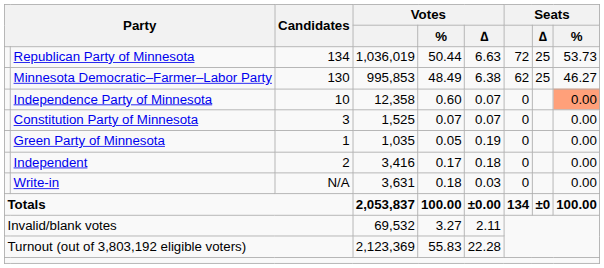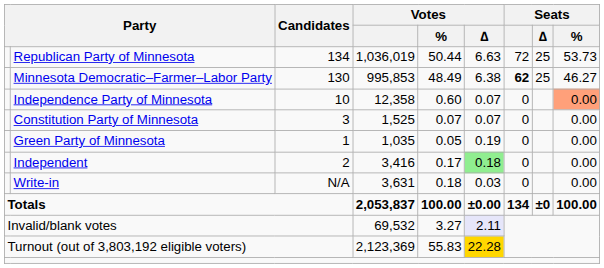 <table class="wikitable">
 <tr>
 <th rowspan="2" colspan="2">Party</th>
 <th rowspan="2">Candidates</th>
 <th colspan="3">Votes</th>
 <th colspan="3">Seats</th>
 </tr>
 <tr>
 <th></th>
 <th>%</th>
 <th>∆</th>
 <th></th>
 <th>∆</th>
 <th>%</th>
 </tr>
 <tr>
 <td style="background-color:"></td>
 <td><a href='#'>Republican Party of Minnesota</a></td>
 <td align="right">134</td>
 <td align="right">1,036,019</td>
 <td align="right">50.44</td>
 <td align="right">6.63</td>
 <td align="right">72</td>
 <td align="right">25</td>
 <td align="right">53.73</td>
 </tr>
 <tr>
 <td style="background-color:"></td>
 <td><a href='#'>Minnesota Democratic–Farmer–Labor Party</a></td>
 <td align="right">130</td>
 <td align="right">995,853</td>
 <td align="right">48.49</td>
 <td align="right">6.38</td>
-<td align="right">62</td>
+<td align="right"><strong>62</strong></td>
 <td align="right">25</td>
 <td align="right">46.27</td>
 </tr>
 <tr>
 <td style="background-color:"></td>
 <td><a href='#'>Independence Party of Minnesota</a></td>
 <td align="right">10</td>
 <td align="right">12,358</td>
 <td align="right">0.60</td>
 <td align="right">0.07</td>
 <td align="right">0</td>
 <td align="right"></td>
 <td align="right" style="background: lightsalmon;">0.00</td>
 </tr>
 <tr>
 <td style="background-color:"></td>
 <td><a href='#'>Constitution Party of Minnesota</a></td>
 <td align="right">3</td>
 <td align="right">1,525</td>
 <td align="right">0.07</td>
 <td align="right">0.07</td>
 <td align="right">0</td>
 <td align="right"></td>
 <td align="right">0.00</td>
 </tr>
 <tr>
 <td style="background-color:"></td>
 <td><a href='#'>Green Party of Minnesota</a></td>
 <td align="right">1</td>
 <td align="right">1,035</td>
 <td align="right">0.05</td>
 <td align="right">0.19</td>
 <td align="right">0</td>
 <td align="right"></td>
 <td align="right">0.00</td>
 </tr>
 <tr>
 <td style="background-color:"></td>
 <td><a href='#'>Independent</a></td>
 <td align="right">2</td>
 <td align="right">3,416</td>
 <td align="right">0.17</td>
-<td align="right">0.18</td>
+<td align="right" style="background: lightgreen;">0.18</td>
 <td align="right">0</td>
 <td align="right"></td>
 <td align="right">0.00</td>
 </tr>
 <tr>
 <td style="background-color:"></td>
 <td><a href='#'>Write-in</a></td>
 <td align="right">N/A</td>
 <td align="right">3,631</td>
 <td align="right">0.18</td>
 <td align="right">0.03</td>
 <td align="right">0</td>
 <td align="right"></td>
 <td align="right">0.00</td>
 </tr>
 <tr>
 <td colspan="3" align="left"><strong>Totals</strong></td>
 <td align="right"><strong>2,053,837</strong></td>
 <td align="right"><strong>100.00</strong></td>
 <td align="right"><strong>±0.00</strong></td>
 <td align="right"><strong>134</strong></td>
 <td align="right"><strong>±0</strong></td>
 <td align="right"><strong>100.00</strong></td>
 </tr>
 <tr>
 <td colspan="3" align="left">Invalid/blank votes</td>
 <td colspan="1" align="right">69,532</td>
 <td colspan="1" align="right">3.27</td>
-<td colspan="1" align="right">2.11</td>
+<td colspan="1" align="right" style="background: lavender;">2.11</td>
 <td rowspan="2" colspan="3"></td>
 </tr>
 <tr>
 <td colspan="3" align="left">Turnout (out of 3,803,192 eligible voters)</td>
 <td colspan="1" align="right">2,123,369</td>
 <td colspan="1" align="right">55.83</td>
-<td colspan="1" align="right">22.28</td>
+<td colspan="1" align="right" style="background: gold;">22.28</td>
 </tr>
 <tr>
 <td colspan="9"></td>
 </tr>
 </table>
